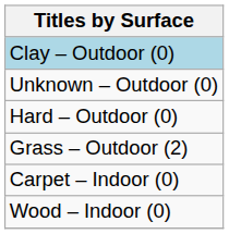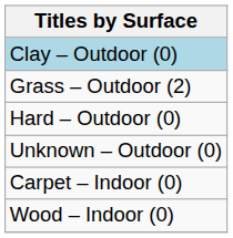 <table class="wikitable" style="display:inline-table;">
 <tr>
 <th>Titles by Surface</th>
 </tr>
 <tr>
 <td style="background: lightblue;">Clay – Outdoor (0)</td>
 </tr>
 <tr>
-<td>Unknown – Outdoor (0)</td>
+<td>Grass – Outdoor (2)</td>
 </tr>
 <tr>
 <td>Hard – Outdoor (0)</td>
 </tr>
 <tr>
-<td>Grass – Outdoor (2)</td>
+<td>Unknown – Outdoor (0)</td>
 </tr>
 <tr>
 <td>Carpet – Indoor (0)</td>
 </tr>
 <tr>
 <td>Wood – Indoor (0)</td>
 </tr>
 <tr>
 </tr>
 </table>
